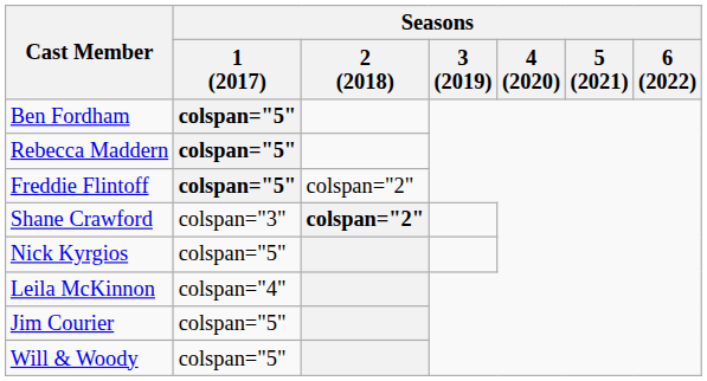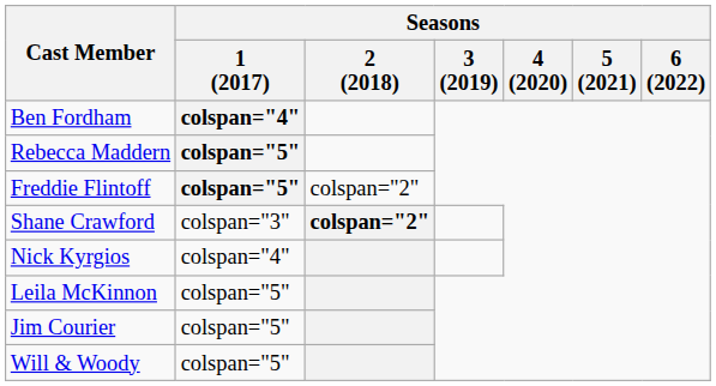 <table class="wikitable">
 <tr>
 <th rowspan="2">Cast Member</th>
 <th colspan="6">Seasons</th>
 </tr>
 <tr>
 <th>1<br>(2017)</th>
 <th>2<br>(2018)</th>
 <th>3<br>(2019)</th>
 <th>4<br>(2020)</th>
 <th>5<br>(2021)</th>
 <th>6<br>(2022)</th>
 </tr>
 <tr>
 <td><a href='#'>Ben Fordham</a></td>
-<th>colspan="5" </th>
+<th>colspan="4" </th>
 <td></td>
 </tr>
 <tr>
 <td><a href='#'>Rebecca Maddern</a></td>
 <th>colspan="5" </th>
 <td></td>
 </tr>
 <tr>
 <td><a href='#'>Freddie Flintoff</a></td>
 <th>colspan="5" </th>
 <td>colspan="2" </td>
 </tr>
 <tr>
 <td><a href='#'>Shane Crawford</a></td>
 <td>colspan="3" </td>
 <th>colspan="2" </th>
 <td></td>
 </tr>
 <tr>
 <td><a href='#'>Nick Kyrgios</a></td>
-<td>colspan="5" </td>
+<td>colspan="4" </td>
 <th></th>
 <td></td>
 </tr>
 <tr>
 <td><a href='#'>Leila McKinnon</a></td>
-<td>colspan="4" </td>
+<td>colspan="5" </td>
 <th></th>
 </tr>
 <tr>
 <td><a href='#'>Jim Courier</a></td>
 <td>colspan="5" </td>
 <th></th>
 </tr>
 <tr>
 <td><a href='#'>Will & Woody</a></td>
 <td>colspan="5" </td>
 <th></th>
 </tr>
 </table>
